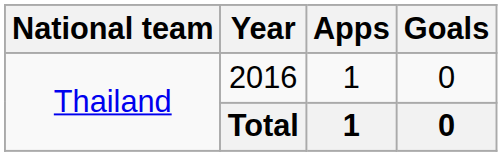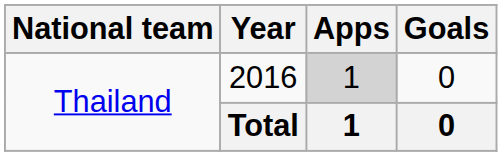 <table class="wikitable" style="text-align:center">
 <tr>
 <th>National team</th>
 <th>Year</th>
 <th>Apps</th>
 <th>Goals</th>
 </tr>
 <tr>
 <td rowspan="5" valign="center"><a href='#'>Thailand</a></td>
 <td>2016</td>
-<td>1</td>
+<td style="background: lightgrey;">1</td>
 <td>0</td>
 </tr>
 <tr>
 <th>Total</th>
 <th>1</th>
 <th>0</th>
 </tr>
 </table>
